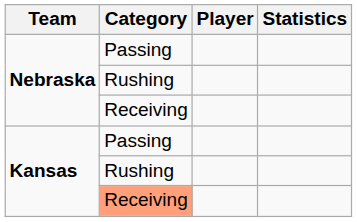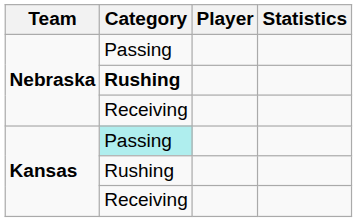 <table class="wikitable" style="float: right;">
 <tr>
 <th>Team</th>
 <th>Category</th>
 <th>Player</th>
 <th>Statistics</th>
 </tr>
 <tr>
 <td rowspan=3><strong>Nebraska</strong></td>
 <td>Passing</td>
 <td></td>
 <td></td>
 </tr>
 <tr>
-<td>Rushing</td>
+<td><strong>Rushing</strong></td>
 <td></td>
 <td></td>
 </tr>
 <tr>
 <td>Receiving</td>
 <td></td>
 <td></td>
 </tr>
 <tr>
 <td rowspan=3><strong>Kansas</strong></td>
-<td>Passing</td>
+<td style="background: paleturquoise;">Passing</td>
 <td></td>
 <td></td>
 </tr>
 <tr>
 <td>Rushing</td>
 <td></td>
 <td></td>
 </tr>
 <tr>
-<td style="background: lightsalmon;">Receiving</td>
+<td>Receiving</td>
 <td></td>
 <td></td>
 </tr>
 </table>
